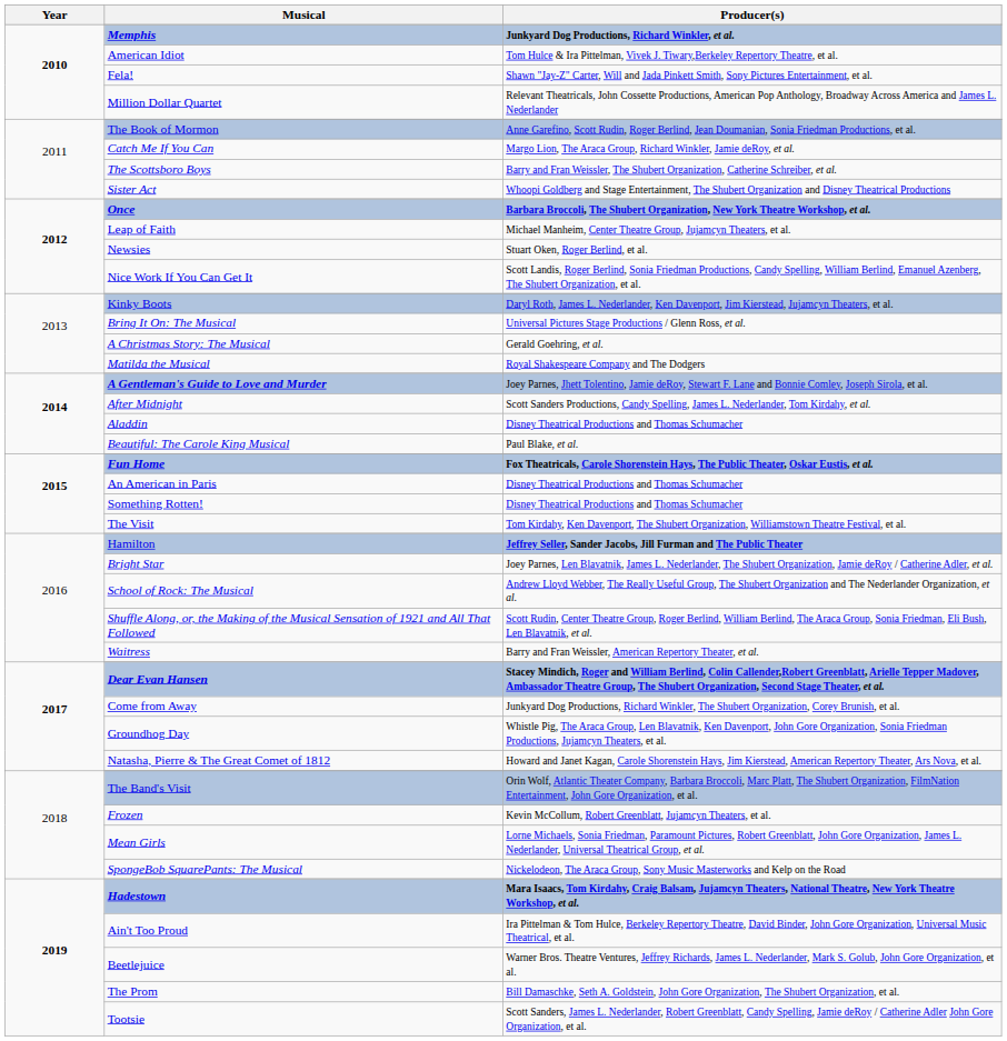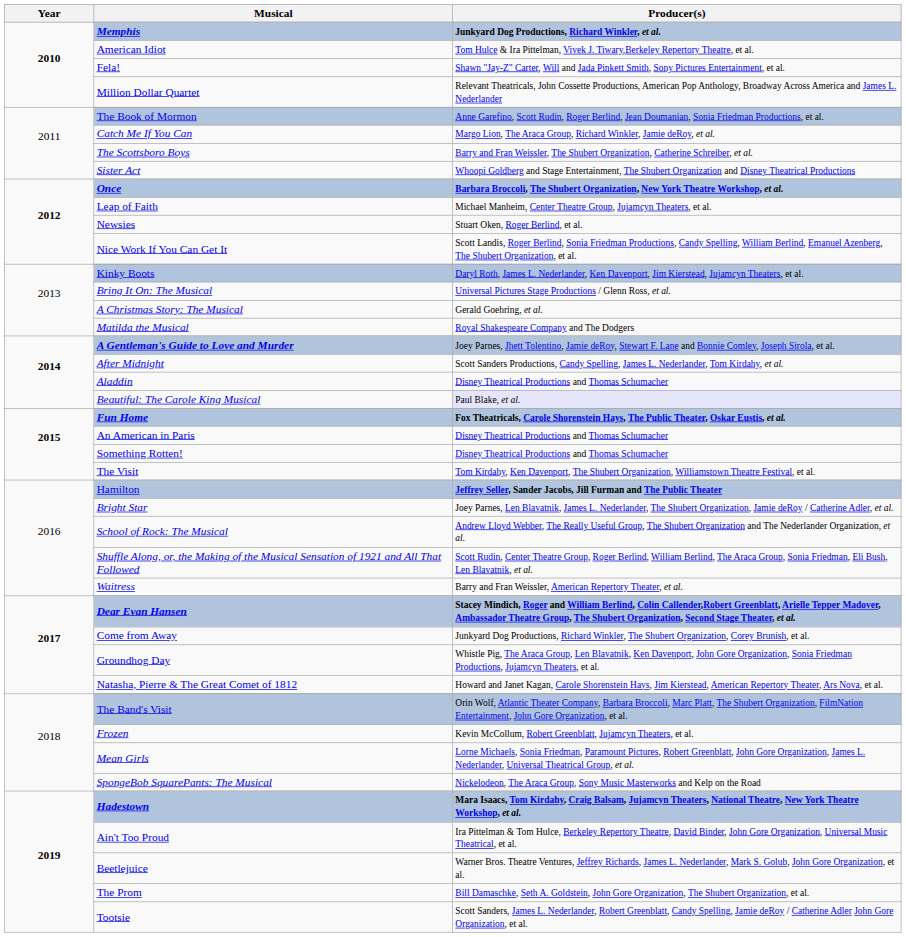 <table class="wikitable" style="width:100%;">
 <tr style="background:#bebebe;">
 <th style="width:10%;">Year</th>
 <th style="width:40%;">Musical</th>
 <th style="width:50%;">Producer(s)</th>
 </tr>
 <tr>
 <td rowspan="5" align="center"><strong>2010</strong><br><br></td>
 </tr>
 <tr style="background:#B0C4DE">
 <td><em><a href='#'><strong>Memphis</strong></a></em><br><strong></strong></td>
 <td><small><strong>Junkyard Dog Productions, <a href='#'>Richard Winkler</a>, <em>et al.<strong><em></small></td>
 </tr>
 <tr>
 <td></em><a href='#'>American Idiot</a><em><br></td>
 <td><small><a href='#'>Tom Hulce</a> & Ira Pittelman, <a href='#'>Vivek J. Tiwary</a>,<a href='#'>Berkeley Repertory Theatre</a>, </em>et al.<em></small></td>
 </tr>
 <tr>
 <td></em><a href='#'>Fela!</a><em><br></td>
 <td><small><a href='#'>Shawn "Jay-Z" Carter</a>, <a href='#'>Will</a> and <a href='#'>Jada Pinkett Smith</a>, <a href='#'>Sony Pictures Entertainment</a>, </em>et al.<em></small></td>
 </tr>
 <tr>
 <td></em><a href='#'>Million Dollar Quartet</a><em><br></td>
 <td><small>Relevant Theatricals, John Cossette Productions, American Pop Anthology, Broadway Across America and <a href='#'>James L. Nederlander</a></small></td>
 </tr>
 <tr>
 <td rowspan="5" align="center"></strong>2011<strong><br><br></td>
 </tr>
 <tr style="background:#B0C4DE">
 <td></em><a href='#'></strong>The Book of Mormon<strong></a><em><br></strong><strong></td>
 <td><small></strong><a href='#'>Anne Garefino</a>, <a href='#'>Scott Rudin</a>, <a href='#'>Roger Berlind</a>, <a href='#'>Jean Doumanian</a>, <a href='#'>Sonia Friedman Productions</a>, </em>et al.</em></strong></small></td>
 </tr>
 <tr>
 <td><em><a href='#'>Catch Me If You Can</a></em><br></td>
 <td><small><a href='#'>Margo Lion</a>, <a href='#'>The Araca Group</a>, <a href='#'>Richard Winkler</a>, <a href='#'>Jamie deRoy</a>, <em>et al.</em></small></td>
 </tr>
 <tr>
 <td><em><a href='#'>The Scottsboro Boys</a></em><br></td>
 <td><small><a href='#'>Barry and Fran Weissler</a>, <a href='#'>The Shubert Organization</a>, <a href='#'>Catherine Schreiber</a>, <em>et al.</em></small></td>
 </tr>
 <tr>
 <td><em><a href='#'>Sister Act</a></em><br></td>
 <td><small><a href='#'>Whoopi Goldberg</a> and Stage Entertainment, <a href='#'>The Shubert Organization</a> and <a href='#'>Disney Theatrical Productions</a></small></td>
 </tr>
 <tr>
 <td rowspan="5" align="center"><strong>2012</strong><br><br></td>
 </tr>
 <tr style="background:#B0C4DE">
 <td><em><a href='#'><strong>Once</strong></a></em><br><strong></strong></td>
 <td><small><strong><a href='#'>Barbara Broccoli</a>, <a href='#'>The Shubert Organization</a>, <a href='#'>New York Theatre Workshop</a>, <em>et al.<strong><em></small></td>
 </tr>
 <tr>
 <td></em><a href='#'>Leap of Faith</a><em><br></td>
 <td><small>Michael Manheim, <a href='#'>Center Theatre Group</a>, <a href='#'>Jujamcyn Theaters</a>, </em>et al.<em></small></td>
 </tr>
 <tr>
 <td></em><a href='#'>Newsies</a><em><br></td>
 <td><small>Stuart Oken, <a href='#'>Roger Berlind</a>, </em>et al.<em></small></td>
 </tr>
 <tr>
 <td></em><a href='#'>Nice Work If You Can Get It</a><em><br></td>
 <td><small>Scott Landis, <a href='#'>Roger Berlind</a>, <a href='#'>Sonia Friedman Productions</a>, <a href='#'>Candy Spelling</a>, <a href='#'>William Berlind</a>, <a href='#'>Emanuel Azenberg</a>, <a href='#'>The Shubert Organization</a>, </em>et al.<em></small></td>
 </tr>
 <tr>
 <td rowspan="5" align="center"></strong>2013<strong><br><br></td>
 </tr>
 <tr style="background:#B0C4DE">
 <td></em><a href='#'></strong>Kinky Boots<strong></a><em><br></strong><strong></td>
 <td><small></strong><a href='#'>Daryl Roth</a>, <a href='#'>James L. Nederlander</a>, <a href='#'>Ken Davenport</a>, <a href='#'>Jim Kierstead</a>, <a href='#'>Jujamcyn Theaters</a>, </em>et al.</em></strong></small></td>
 </tr>
 <tr>
 <td><em><a href='#'>Bring It On: The Musical</a></em><br></td>
 <td><small><a href='#'>Universal Pictures Stage Productions</a> / Glenn Ross, <em>et al.</em></small></td>
 </tr>
 <tr>
 <td><em><a href='#'>A Christmas Story: The Musical</a></em><br></td>
 <td><small>Gerald Goehring, <em>et al.</em></small></td>
 </tr>
 <tr>
 <td><em><a href='#'>Matilda the Musical</a></em><br></td>
 <td><small><a href='#'>Royal Shakespeare Company</a> and The Dodgers</small></td>
 </tr>
 <tr>
 <td rowspan="5" align="center"><strong>2014</strong><br><br></td>
 </tr>
 <tr style="background:#B0C4DE">
 <td><strong><em><a href='#'>A Gentleman's Guide to Love and Murder</a><em><br><strong></td>
 <td><small></strong>Joey Parnes, <a href='#'>Jhett Tolentino</a>, <a href='#'>Jamie deRoy</a>, <a href='#'>Stewart F. Lane</a> and <a href='#'>Bonnie Comley</a>, <a href='#'>Joseph Sirola</a>, </em>et al.</em></strong></small></td>
 </tr>
 <tr>
 <td><em><a href='#'>After Midnight</a></em><br></td>
 <td><small>Scott Sanders Productions, <a href='#'>Candy Spelling</a>, <a href='#'>James L. Nederlander</a>, <a href='#'>Tom Kirdahy</a>, <em>et al.</em></small></td>
 </tr>
 <tr>
 <td><em><a href='#'>Aladdin</a></em><br></td>
 <td><small><a href='#'>Disney Theatrical Productions</a> and <a href='#'>Thomas Schumacher</a></small></td>
 </tr>
 <tr>
 <td><em><a href='#'>Beautiful: The Carole King Musical</a></em><br></td>
-<td><small>Paul Blake, <em>et al.</em></small></td>
+<td style="background: lavender;"><small>Paul Blake, <em>et al.</em></small></td>
 </tr>
 <tr>
 <td rowspan="5" align="center"><strong>2015</strong><br><br></td>
 </tr>
 <tr style="background:#B0C4DE">
 <td><strong><em><a href='#'>Fun Home</a></em></strong><br><strong></strong></td>
 <td><small><strong>Fox Theatricals, <a href='#'>Carole Shorenstein Hays</a>, <a href='#'>The Public Theater</a>, <a href='#'>Oskar Eustis</a>, <em>et al.<strong><em></small></td>
 </tr>
 <tr>
 <td></em><a href='#'>An American in Paris</a><em><br></td>
 <td><small><a href='#'>Disney Theatrical Productions</a> and <a href='#'>Thomas Schumacher</a></small></td>
 </tr>
 <tr>
 <td></em><a href='#'>Something Rotten!</a><em><br></td>
 <td><small><a href='#'>Disney Theatrical Productions</a> and <a href='#'>Thomas Schumacher</a></small></td>
 </tr>
 <tr>
 <td></em><a href='#'>The Visit</a><em><br></td>
 <td><small><a href='#'>Tom Kirdahy</a>, <a href='#'>Ken Davenport</a>, <a href='#'>The Shubert Organization</a>, <a href='#'>Williamstown Theatre Festival</a>, </em>et al.<em></small></td>
 </tr>
 <tr>
 <td rowspan="6" align="center"></strong>2016<strong><br><br></td>
 </tr>
 <tr style="background:#B0C4DE">
 <td></em></strong><a href='#'>Hamilton</a></em> </strong><br><strong></strong></td>
 <td><small><strong><a href='#'>Jeffrey Seller</a>, Sander Jacobs, Jill Furman and <a href='#'>The Public Theater</a></strong></small></td>
 </tr>
 <tr>
 <td><em><a href='#'>Bright Star</a></em><br></td>
 <td><small>Joey Parnes, <a href='#'>Len Blavatnik</a>, <a href='#'>James L. Nederlander</a>, <a href='#'>The Shubert Organization</a>, <a href='#'>Jamie deRoy</a> / <a href='#'>Catherine Adler</a>, <em>et al.</em></small></td>
 </tr>
 <tr>
 <td><em><a href='#'>School of Rock: The Musical</a></em><br></td>
 <td><small><a href='#'>Andrew Lloyd Webber</a>, <a href='#'>The Really Useful Group</a>, <a href='#'>The Shubert Organization</a> and The Nederlander Organization, <em>et al.</em></small></td>
 </tr>
 <tr>
 <td><em><a href='#'>Shuffle Along, or, the Making of the Musical Sensation of 1921 and All That Followed</a></em><br></td>
 <td><small><a href='#'>Scott Rudin</a>, <a href='#'>Center Theatre Group</a>, <a href='#'>Roger Berlind</a>, <a href='#'>William Berlind</a>, <a href='#'>The Araca Group</a>, <a href='#'>Sonia Friedman</a>, <a href='#'>Eli Bush</a>, <a href='#'>Len Blavatnik</a>, <em>et al.</em></small></td>
 </tr>
 <tr>
 <td><em><a href='#'>Waitress</a></em><br></td>
 <td><small>Barry and Fran Weissler, <a href='#'>American Repertory Theater</a>, <em>et al.</em></small></td>
 </tr>
 <tr>
 <td rowspan="5" align="center"><strong>2017</strong><br><br></td>
 </tr>
 <tr style="background:#B0C4DE">
 <td><strong><em><a href='#'>Dear Evan Hansen</a></em></strong><br><strong></strong></td>
 <td><small><strong>Stacey Mindich, <a href='#'>Roger</a> and <a href='#'>William Berlind</a>, <a href='#'>Colin Callender</a>,<a href='#'>Robert Greenblatt</a>, <a href='#'>Arielle Tepper Madover</a>, <a href='#'>Ambassador Theatre Group</a>, <a href='#'>The Shubert Organization</a>, <a href='#'>Second Stage Theater</a>, <em>et al.<strong><em></small></td>
 </tr>
 <tr>
 <td></em><a href='#'>Come from Away</a><em><br></td>
 <td><small>Junkyard Dog Productions, <a href='#'>Richard Winkler</a>, <a href='#'>The Shubert Organization</a>, <a href='#'>Corey Brunish</a>, </em>et al.<em></small></td>
 </tr>
 <tr>
 <td></em><a href='#'>Groundhog Day</a><em><br></td>
 <td><small>Whistle Pig, <a href='#'>The Araca Group</a>, <a href='#'>Len Blavatnik</a>, <a href='#'>Ken Davenport</a>, <a href='#'>John Gore Organization</a>, <a href='#'>Sonia Friedman Productions</a>, <a href='#'>Jujamcyn Theaters</a>, </em>et al.<em></small></td>
 </tr>
 <tr>
 <td></em><a href='#'>Natasha, Pierre & The Great Comet of 1812</a><em><br></td>
 <td><small>Howard and Janet Kagan, <a href='#'>Carole Shorenstein Hays</a>, <a href='#'>Jim Kierstead</a>, <a href='#'>American Repertory Theater</a>, <a href='#'>Ars Nova</a>, </em>et al.<em></small></td>
 </tr>
 <tr>
 <td rowspan="5" align="center"></strong>2018<strong><br><br></td>
 </tr>
 <tr style="background:#B0C4DE">
 <td></em><a href='#'></strong>The Band's Visit<strong></a><em><br></strong><strong></td>
 <td><small></strong>Orin Wolf, <a href='#'>Atlantic Theater Company</a>, <a href='#'>Barbara Broccoli</a>, <a href='#'>Marc Platt</a>, <a href='#'>The Shubert Organization</a>, <a href='#'>FilmNation Entertainment</a>, <a href='#'>John Gore Organization</a>, </em>et al.</em></strong></small></td>
 </tr>
 <tr>
 <td><em><a href='#'>Frozen</a></em><br></td>
 <td><small>Kevin McCollum, <a href='#'>Robert Greenblatt</a>, <a href='#'>Jujamcyn Theaters</a>, </em>et al.<em></small></td>
 </tr>
 <tr>
 <td><em><a href='#'>Mean Girls</a></em><br></td>
 <td><small><a href='#'>Lorne Michaels</a>, <a href='#'>Sonia Friedman</a>, <a href='#'>Paramount Pictures</a>, <a href='#'>Robert Greenblatt</a>, <a href='#'>John Gore Organization</a>, <a href='#'>James L. Nederlander</a>, <a href='#'>Universal Theatrical Group</a>, <em>et al.</em></small></td>
 </tr>
 <tr>
 <td><em><a href='#'>SpongeBob SquarePants: The Musical</a></em><br></td>
 <td><small><a href='#'>Nickelodeon</a>, <a href='#'>The Araca Group</a>, <a href='#'>Sony Music Masterworks</a> and Kelp on the Road</small></td>
 </tr>
 <tr>
 <td rowspan="6" align="center"><strong>2019</strong><br><br></td>
 </tr>
 <tr style="background:#B0C4DE">
 <td><strong><em><a href='#'>Hadestown</a></em></strong><br><strong></strong></td>
 <td><small><strong>Mara Isaacs, <a href='#'>Tom Kirdahy</a>, <a href='#'>Craig Balsam</a>, <a href='#'>Jujamcyn Theaters</a>, <a href='#'>National Theatre</a>, <a href='#'>New York Theatre Workshop</a>, <em>et al.<strong><em></small></td>
 </tr>
 <tr>
 <td></em><a href='#'>Ain't Too Proud</a><em><br></td>
 <td><small>Ira Pittelman & Tom Hulce, <a href='#'>Berkeley Repertory Theatre</a>, <a href='#'>David Binder</a>, <a href='#'>John Gore Organization</a>, <a href='#'>Universal Music Theatrical</a>, </em>et al.<em></small></td>
 </tr>
 <tr>
 <td></em><a href='#'>Beetlejuice</a><em><br></td>
 <td><small>Warner Bros. Theatre Ventures, <a href='#'>Jeffrey Richards</a>, <a href='#'>James L. Nederlander</a>, <a href='#'>Mark S. Golub</a>, <a href='#'>John Gore Organization</a>, </em>et al.<em></small></td>
 </tr>
 <tr>
 <td></em><a href='#'>The Prom</a><em><br></td>
 <td><small><a href='#'>Bill Damaschke</a>, <a href='#'>Seth A. Goldstein</a>, <a href='#'>John Gore Organization</a>, <a href='#'>The Shubert Organization</a>, </em>et al.<em></small></td>
 </tr>
 <tr>
 <td></em><a href='#'>Tootsie</a><em><br></td>
 <td><small>Scott Sanders, <a href='#'>James L. Nederlander</a>, <a href='#'>Robert Greenblatt</a>, <a href='#'>Candy Spelling</a>, <a href='#'>Jamie deRoy</a> / <a href='#'>Catherine Adler</a> <a href='#'>John Gore Organization</a>, </em>et al.<em></small></td>
 </tr>
 </table>
